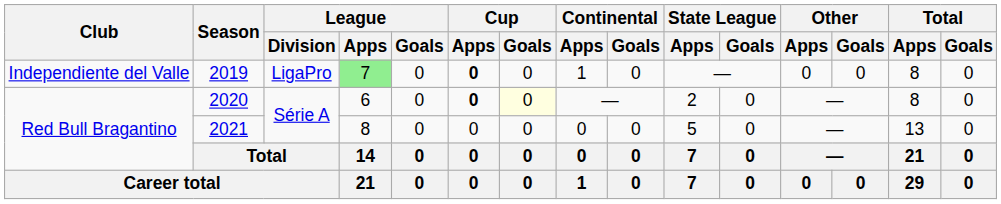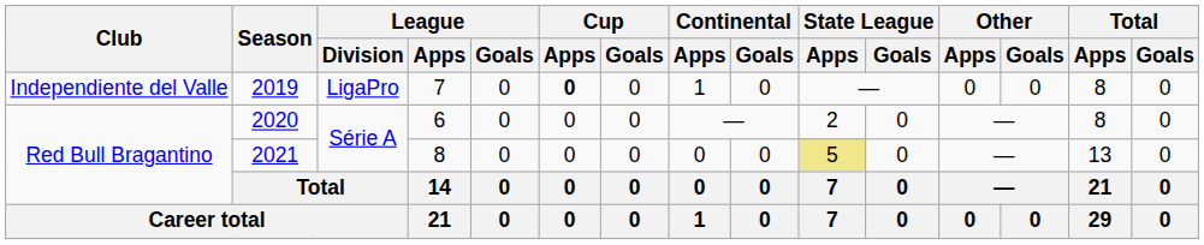 <table class="wikitable" style="text-align: center">
 <tr>
 <th rowspan="2">Club</th>
 <th rowspan="2">Season</th>
 <th colspan="3">League</th>
 <th colspan="2">Cup</th>
 <th colspan="2">Continental</th>
 <th colspan="2">State League</th>
 <th colspan="2">Other</th>
 <th colspan="2">Total</th>
 </tr>
 <tr>
 <th>Division</th>
 <th>Apps</th>
 <th>Goals</th>
 <th>Apps</th>
 <th>Goals</th>
 <th>Apps</th>
 <th>Goals</th>
 <th>Apps</th>
 <th>Goals</th>
 <th>Apps</th>
 <th>Goals</th>
 <th>Apps</th>
 <th>Goals</th>
 </tr>
 <tr>
 <td><a href='#'>Independiente del Valle</a></td>
 <td><a href='#'>2019</a></td>
 <td><a href='#'>LigaPro</a></td>
-<td style="background: lightgreen;">7</td>
+<td>7</td>
 <td>0</td>
 <td><strong>0</strong></td>
 <td>0</td>
 <td>1</td>
 <td>0</td>
 <td colspan="2">—</td>
 <td>0</td>
 <td>0</td>
 <td>8</td>
 <td>0</td>
 </tr>
 <tr>
 <td rowspan="3"><a href='#'>Red Bull Bragantino</a></td>
 <td><a href='#'>2020</a></td>
 <td rowspan="2"><a href='#'>Série A</a></td>
 <td>6</td>
 <td>0</td>
-<td><strong>0</strong></td>
-<td style="background: lightyellow;">0</td>
+<td>0</td>
+<td>0</td>
 <td colspan="2">—</td>
 <td>2</td>
 <td>0</td>
 <td colspan="2">—</td>
 <td>8</td>
 <td>0</td>
 </tr>
 <tr>
 <td><a href='#'>2021</a></td>
 <td>8</td>
 <td>0</td>
 <td>0</td>
 <td>0</td>
 <td>0</td>
 <td>0</td>
-<td>5</td>
+<td style="background: khaki;">5</td>
 <td>0</td>
 <td colspan="2">—</td>
 <td>13</td>
 <td>0</td>
 </tr>
 <tr>
 <th colspan="2"><strong>Total</strong></th>
 <th>14</th>
 <th>0</th>
 <th>0</th>
 <th>0</th>
 <th>0</th>
 <th>0</th>
 <th>7</th>
 <th>0</th>
 <th colspan="2">—</th>
 <th>21</th>
 <th>0</th>
 </tr>
 <tr>
 <th colspan="3"><strong>Career total</strong></th>
 <th>21</th>
 <th>0</th>
 <th>0</th>
 <th>0</th>
 <th>1</th>
 <th>0</th>
 <th>7</th>
 <th>0</th>
 <th>0</th>
 <th>0</th>
 <th>29</th>
 <th>0</th>
 </tr>
 </table>
